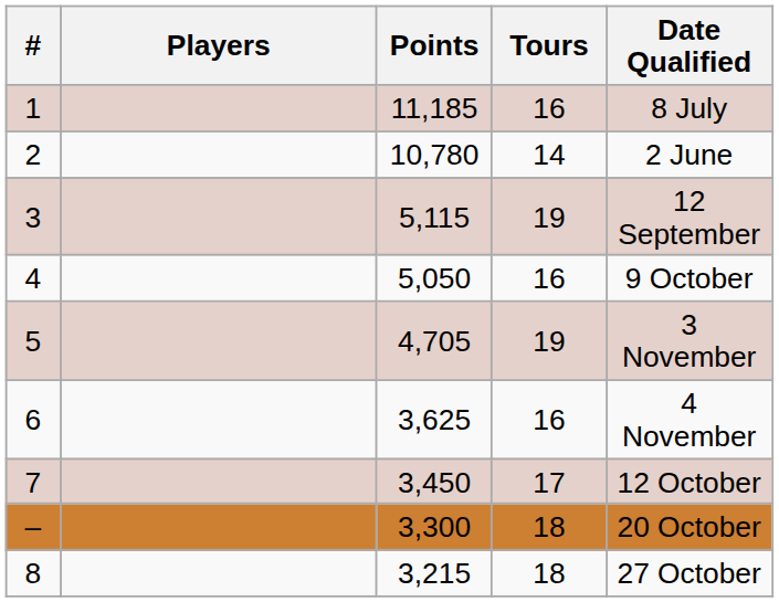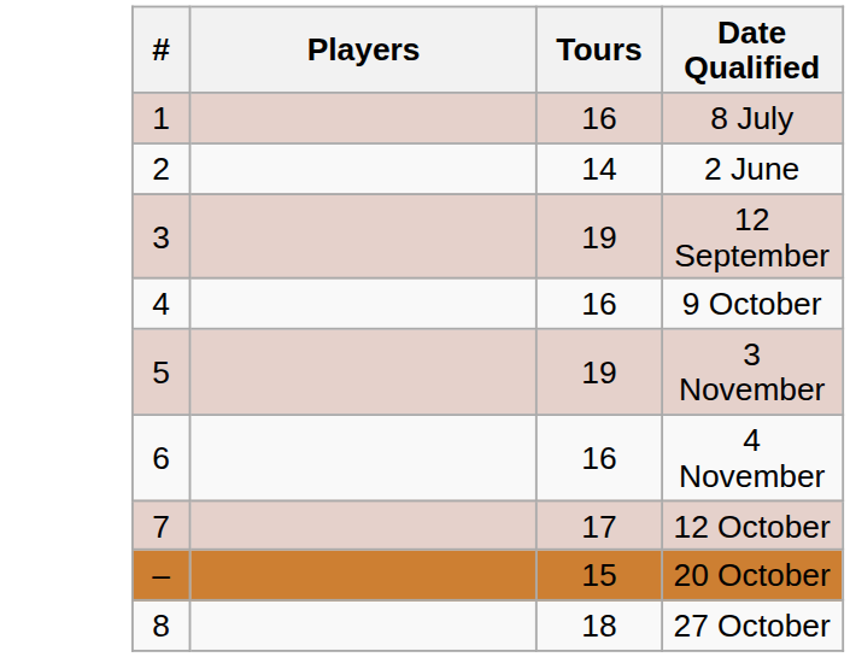 <table class="sortable wikitable" align=right style=text-align:center;font-size:90%;text:justify>
 <tr>
 <th width=20>#</th>
 <th width=150>Players</th>
-<th width=50>Points</th>
 <th width=50>Tours</th>
 <th width=75>Date Qualified</th>
 </tr>
 <tr align=center bgcolor=#e5d1cb>
 <td>1</td>
 <td align=left></td>
-<td>11,185</td>
 <td>16</td>
 <td>8 July</td>
 </tr>
 <tr>
 <td>2</td>
 <td align=left></td>
-<td>10,780</td>
 <td>14</td>
 <td>2 June</td>
 </tr>
 <tr align=center bgcolor=#e5d1cb>
 <td>3</td>
 <td align=left></td>
-<td>5,115</td>
 <td>19</td>
 <td>12 September</td>
 </tr>
 <tr>
 <td>4</td>
 <td align=left></td>
-<td>5,050</td>
 <td>16</td>
 <td>9 October</td>
 </tr>
 <tr align=center bgcolor=#e5d1cb>
 <td>5</td>
 <td align=left></td>
-<td>4,705</td>
 <td>19</td>
 <td>3 November</td>
 </tr>
 <tr>
 <td>6</td>
 <td align=left></td>
-<td>3,625</td>
 <td>16</td>
 <td>4 November</td>
 </tr>
 <tr align=center bgcolor=#e5d1cb>
 <td>7</td>
 <td align=left></td>
-<td>3,450</td>
 <td>17</td>
 <td>12 October</td>
 </tr>
 <tr align=center bgcolor=#cd7f32>
 <td>–</td>
 <td align=left></td>
-<td>3,300</td>
-<td>18</td>
+<td>15</td>
 <td>20 October</td>
 </tr>
 <tr>
 <td>8</td>
 <td align=left></td>
-<td>3,215</td>
 <td>18</td>
 <td>27 October</td>
 </tr>
 </table>
